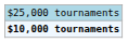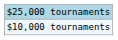 <table class="wikitable" style="font-size:85%">
 <tr bgcolor=lightblue>
 <td>$25,000 tournaments</td>
 </tr>
 <tr bgcolor="#f0f8ff">
-<td><strong>$10,000 tournaments</strong></td>
+<td>$10,000 tournaments</td>
 </tr>
 </table>
